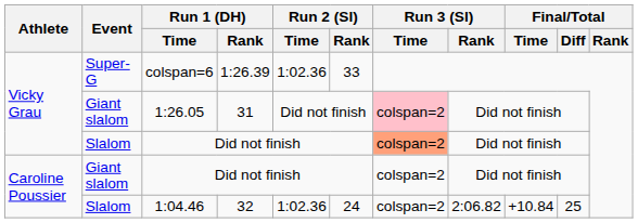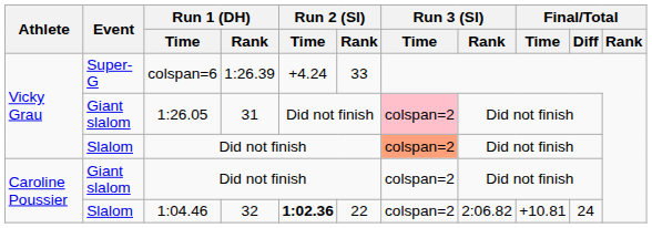 <table class="wikitable" style="font-size:90%">
 <tr>
 <th rowspan="2">Athlete</th>
 <th rowspan="2">Event</th>
 <th colspan="2">Run 1 (DH)</th>
 <th colspan="2">Run 2 (Sl)</th>
 <th colspan="2">Run 3 (Sl)</th>
 <th colspan="3">Final/Total</th>
 </tr>
 <tr>
 <th>Time</th>
 <th>Rank</th>
 <th>Time</th>
 <th>Rank</th>
 <th>Time</th>
 <th>Rank</th>
 <th>Time</th>
 <th>Diff</th>
 <th>Rank</th>
 </tr>
 <tr align="center">
 <td align="left" rowspan=3><a href='#'>Vicky Grau</a></td>
 <td align="left"><a href='#'>Super-G</a></td>
 <td>colspan=6 </td>
 <td>1:26.39</td>
-<td>1:02.36</td>
+<td>+4.24</td>
 <td>33</td>
 </tr>
 <tr align="center">
 <td align="left"><a href='#'>Giant slalom</a></td>
 <td>1:26.05</td>
 <td>31</td>
 <td colspan=2>Did not finish</td>
 <td style="background: pink;">colspan=2 </td>
 <td colspan=3>Did not finish</td>
 </tr>
 <tr align="center">
 <td align="left"><a href='#'>Slalom</a></td>
 <td colspan=4>Did not finish</td>
 <td style="background: lightsalmon;">colspan=2 </td>
 <td colspan=3>Did not finish</td>
 </tr>
 <tr align="center">
 <td align="left" rowspan=2><a href='#'>Caroline Poussier</a></td>
 <td align="left"><a href='#'>Giant slalom</a></td>
 <td colspan=4>Did not finish</td>
 <td>colspan=2 </td>
 <td colspan=3>Did not finish</td>
 </tr>
 <tr align="center">
 <td align="left"><a href='#'>Slalom</a></td>
 <td>1:04.46</td>
 <td>32</td>
-<td>1:02.36</td>
-<td>24</td>
+<td><strong>1:02.36</strong></td>
+<td>22</td>
 <td>colspan=2 </td>
 <td>2:06.82</td>
-<td>+10.84</td>
-<td>25</td>
+<td>+10.81</td>
+<td>24</td>
 </tr>
 </table>
